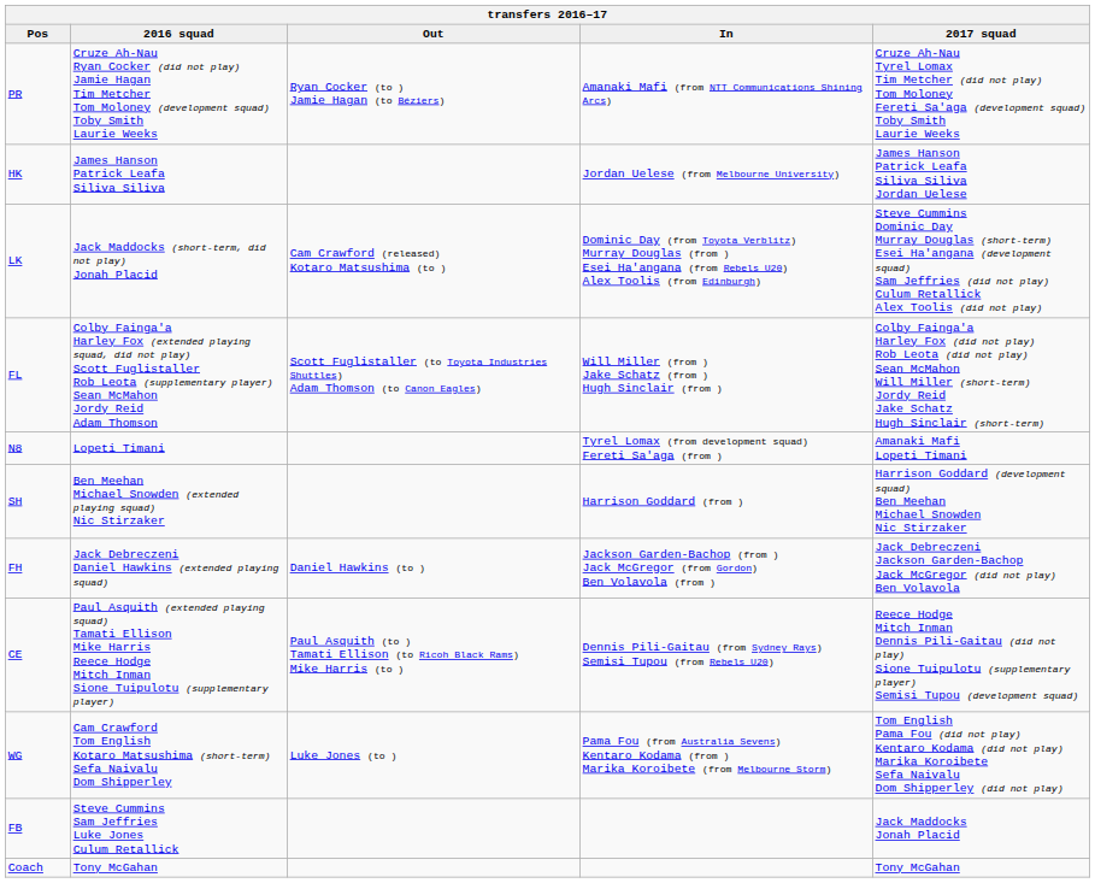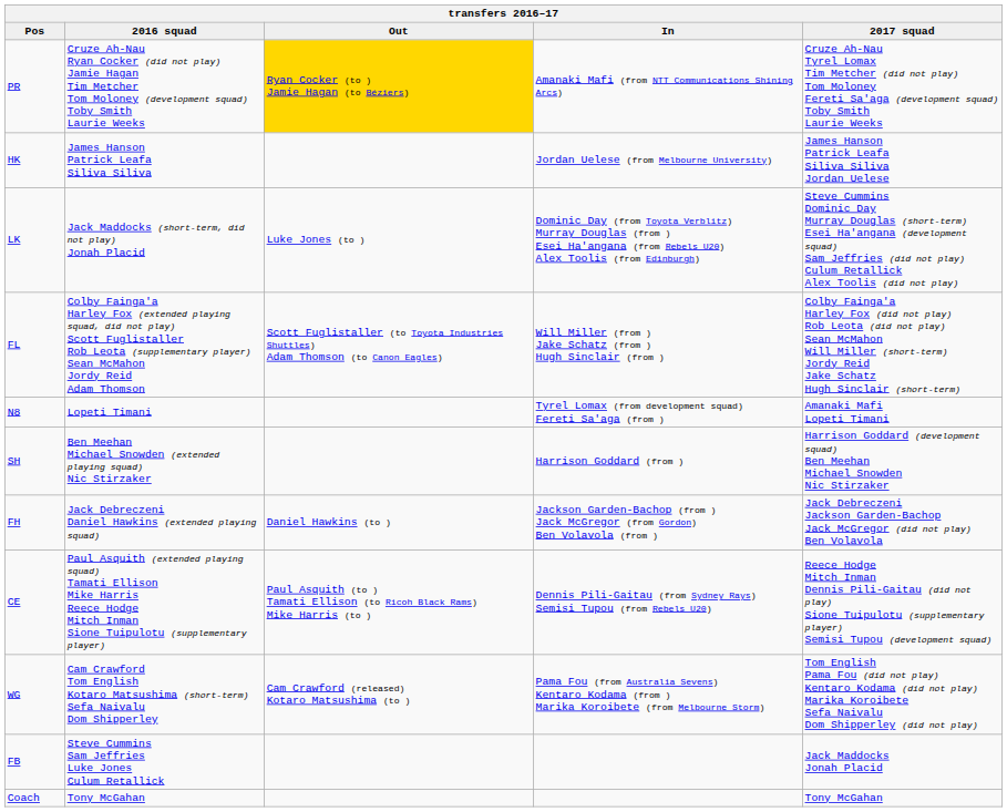 <table class="wikitable" style="text-align: left; width:95%">
 <tr>
 <th colspan="100%"> transfers 2016–17</th>
 </tr>
 <tr>
 <th style="background:#efefef; width:6%;">Pos</th>
 <th style="background:#efefef; width:20%;">2016 squad</th>
 <th style="background:#efefef; width:27%;">Out</th>
 <th style="background:#efefef; width:27%;">In</th>
 <th style="background:#efefef; width:20%;">2017 squad</th>
 </tr>
 <tr>
 <td><a href='#'>PR</a></td>
 <td> <a href='#'>Cruze Ah-Nau</a> <br> <a href='#'>Ryan Cocker</a> <small><em>(did not play)</em></small> <br> <a href='#'>Jamie Hagan</a> <br> <a href='#'>Tim Metcher</a> <br> <a href='#'>Tom Moloney</a> <small><em>(development squad)</em></small> <br> <a href='#'>Toby Smith</a> <br> <a href='#'>Laurie Weeks</a></td>
-<td>  <a href='#'>Ryan Cocker</a> <small>(to )</small> <br>  <a href='#'>Jamie Hagan</a> <small>(to  <a href='#'>Béziers</a>)</small></td>
+<td style="background: gold;">  <a href='#'>Ryan Cocker</a> <small>(to )</small> <br>  <a href='#'>Jamie Hagan</a> <small>(to  <a href='#'>Béziers</a>)</small></td>
 <td>  <a href='#'>Amanaki Mafi</a> <small>(from  <a href='#'>NTT Communications Shining Arcs</a>)</small></td>
 <td> <a href='#'>Cruze Ah-Nau</a> <br> <a href='#'>Tyrel Lomax</a> <br> <a href='#'>Tim Metcher</a> <small><em>(did not play)</em></small> <br> <a href='#'>Tom Moloney</a> <br> <a href='#'>Fereti Sa'aga</a> <small><em>(development squad)</em></small> <br> <a href='#'>Toby Smith</a> <br> <a href='#'>Laurie Weeks</a></td>
 </tr>
 <tr>
 <td><a href='#'>HK</a></td>
 <td> <a href='#'>James Hanson</a> <br> <a href='#'>Patrick Leafa</a> <br> <a href='#'>Siliva Siliva</a></td>
 <td></td>
 <td>  <a href='#'>Jordan Uelese</a> <small>(from <a href='#'>Melbourne University</a>)</small></td>
 <td> <a href='#'>James Hanson</a> <br> <a href='#'>Patrick Leafa</a> <br> <a href='#'>Siliva Siliva</a> <br> <a href='#'>Jordan Uelese</a></td>
 </tr>
 <tr>
 <td><a href='#'>LK</a></td>
 <td> <a href='#'>Jack Maddocks</a> <small><em>(short-term, did not play)</em></small> <br> <a href='#'>Jonah Placid</a></td>
-<td>  <a href='#'>Cam Crawford</a> <small>(released)</small> <br>  <a href='#'>Kotaro Matsushima</a> <small>(to )</small></td>
+<td>  <a href='#'>Luke Jones</a> <small>(to )</small></td>
 <td>  <a href='#'>Dominic Day</a> <small>(from  <a href='#'>Toyota Verblitz</a>)</small> <br>  <a href='#'>Murray Douglas</a> <small>(from )</small> <br>  <a href='#'>Esei Ha'angana</a> <small>(from <a href='#'>Rebels U20</a>)</small> <br>  <a href='#'>Alex Toolis</a> <small>(from  <a href='#'>Edinburgh</a>)</small></td>
 <td> <a href='#'>Steve Cummins</a> <br> <a href='#'>Dominic Day</a> <br> <a href='#'>Murray Douglas</a> <small><em>(short-term)</em></small> <br> <a href='#'>Esei Ha'angana</a> <small><em>(development squad)</em></small> <br> <a href='#'>Sam Jeffries</a> <small><em>(did not play)</em></small> <br> <a href='#'>Culum Retallick</a> <br> <a href='#'>Alex Toolis</a> <small><em>(did not play)</em></small></td>
 </tr>
 <tr>
 <td><a href='#'>FL</a></td>
 <td> <a href='#'>Colby Fainga'a</a> <br> <a href='#'>Harley Fox</a> <small><em>(extended playing squad, did not play)</em></small> <br> <a href='#'>Scott Fuglistaller</a> <br> <a href='#'>Rob Leota</a> <small><em>(supplementary player)</em></small> <br> <a href='#'>Sean McMahon</a> <br> <a href='#'>Jordy Reid</a> <br> <a href='#'>Adam Thomson</a></td>
 <td>  <a href='#'>Scott Fuglistaller</a> <small>(to  <a href='#'>Toyota Industries Shuttles</a>)</small> <br>  <a href='#'>Adam Thomson</a> <small>(to  <a href='#'>Canon Eagles</a>)</small></td>
 <td>  <a href='#'>Will Miller</a> <small>(from )</small> <br>  <a href='#'>Jake Schatz</a> <small>(from )</small> <br>  <a href='#'>Hugh Sinclair</a> <small>(from )</small></td>
 <td> <a href='#'>Colby Fainga'a</a> <br> <a href='#'>Harley Fox</a> <small><em>(did not play)</em></small> <br> <a href='#'>Rob Leota</a> <small><em>(did not play)</em></small> <br> <a href='#'>Sean McMahon</a> <br> <a href='#'>Will Miller</a> <small><em>(short-term)</em></small> <br> <a href='#'>Jordy Reid</a> <br> <a href='#'>Jake Schatz</a> <br> <a href='#'>Hugh Sinclair</a> <small><em>(short-term)</em></small></td>
 </tr>
 <tr>
 <td><a href='#'>N8</a></td>
 <td> <a href='#'>Lopeti Timani</a></td>
 <td></td>
 <td>  <a href='#'>Tyrel Lomax</a> <small>(from  development squad)</small> <br>  <a href='#'>Fereti Sa'aga</a> <small>(from )</small></td>
 <td> <a href='#'>Amanaki Mafi</a> <br> <a href='#'>Lopeti Timani</a></td>
 </tr>
 <tr>
 <td><a href='#'>SH</a></td>
 <td> <a href='#'>Ben Meehan</a> <br> <a href='#'>Michael Snowden</a> <small><em>(extended playing squad)</em></small> <br> <a href='#'>Nic Stirzaker</a></td>
 <td></td>
 <td>  <a href='#'>Harrison Goddard</a> <small>(from )</small></td>
 <td> <a href='#'>Harrison Goddard</a> <small><em>(development squad)</em></small> <br> <a href='#'>Ben Meehan</a> <br> <a href='#'>Michael Snowden</a> <br> <a href='#'>Nic Stirzaker</a></td>
 </tr>
 <tr>
 <td><a href='#'>FH</a></td>
 <td> <a href='#'>Jack Debreczeni</a> <br> <a href='#'>Daniel Hawkins</a> <small><em>(extended playing squad)</em></small></td>
 <td>  <a href='#'>Daniel Hawkins</a> <small>(to )</small></td>
 <td>  <a href='#'>Jackson Garden-Bachop</a> <small>(from )</small> <br>  <a href='#'>Jack McGregor</a> <small>(from <a href='#'>Gordon</a>)</small> <br>  <a href='#'>Ben Volavola</a> <small>(from )</small></td>
 <td> <a href='#'>Jack Debreczeni</a> <br> <a href='#'>Jackson Garden-Bachop</a> <br> <a href='#'>Jack McGregor</a> <small><em>(did not play)</em></small> <br> <a href='#'>Ben Volavola</a></td>
 </tr>
 <tr>
 <td><a href='#'>CE</a></td>
 <td> <a href='#'>Paul Asquith</a> <small><em>(extended playing squad)</em></small> <br> <a href='#'>Tamati Ellison</a> <br> <a href='#'>Mike Harris</a> <br> <a href='#'>Reece Hodge</a> <br> <a href='#'>Mitch Inman</a> <br> <a href='#'>Sione Tuipulotu</a> <small><em>(supplementary player)</em></small></td>
 <td>  <a href='#'>Paul Asquith</a> <small>(to )</small> <br>  <a href='#'>Tamati Ellison</a> <small>(to  <a href='#'>Ricoh Black Rams</a>)</small> <br>  <a href='#'>Mike Harris</a> <small>(to )</small></td>
 <td>  <a href='#'>Dennis Pili-Gaitau</a> <small>(from <a href='#'>Sydney Rays</a>)</small> <br>  <a href='#'>Semisi Tupou</a> <small>(from <a href='#'>Rebels U20</a>)</small></td>
 <td> <a href='#'>Reece Hodge</a> <br> <a href='#'>Mitch Inman</a> <br> <a href='#'>Dennis Pili-Gaitau</a> <small><em>(did not play)</em></small> <br> <a href='#'>Sione Tuipulotu</a> <small><em>(supplementary player)</em></small> <br> <a href='#'>Semisi Tupou</a> <small><em>(development squad)</em></small></td>
 </tr>
 <tr>
 <td><a href='#'>WG</a></td>
 <td> <a href='#'>Cam Crawford</a> <br> <a href='#'>Tom English</a> <br> <a href='#'>Kotaro Matsushima</a> <small><em>(short-term)</em></small> <br> <a href='#'>Sefa Naivalu</a> <br> <a href='#'>Dom Shipperley</a></td>
-<td>  <a href='#'>Luke Jones</a> <small>(to )</small></td>
+<td>  <a href='#'>Cam Crawford</a> <small>(released)</small> <br>  <a href='#'>Kotaro Matsushima</a> <small>(to )</small></td>
 <td>  <a href='#'>Pama Fou</a> <small>(from <a href='#'>Australia Sevens</a>)</small> <br>  <a href='#'>Kentaro Kodama</a> <small>(from )</small> <br>  <a href='#'>Marika Koroibete</a> <small>(from <a href='#'>Melbourne Storm</a>)</small></td>
 <td> <a href='#'>Tom English</a> <br> <a href='#'>Pama Fou</a> <small><em>(did not play)</em></small> <br> <a href='#'>Kentaro Kodama</a> <small><em>(did not play)</em></small> <br> <a href='#'>Marika Koroibete</a> <br> <a href='#'>Sefa Naivalu</a> <br> <a href='#'>Dom Shipperley</a> <small><em>(did not play)</em></small></td>
 </tr>
 <tr>
 <td><a href='#'>FB</a></td>
 <td> <a href='#'>Steve Cummins</a> <br> <a href='#'>Sam Jeffries</a> <br> <a href='#'>Luke Jones</a> <br> <a href='#'>Culum Retallick</a></td>
 <td></td>
 <td></td>
 <td> <a href='#'>Jack Maddocks</a> <br> <a href='#'>Jonah Placid</a></td>
 </tr>
 <tr>
 <td><a href='#'>Coach</a></td>
 <td> <a href='#'>Tony McGahan</a></td>
 <td></td>
 <td></td>
 <td> <a href='#'>Tony McGahan</a></td>
 </tr>
 </table>
